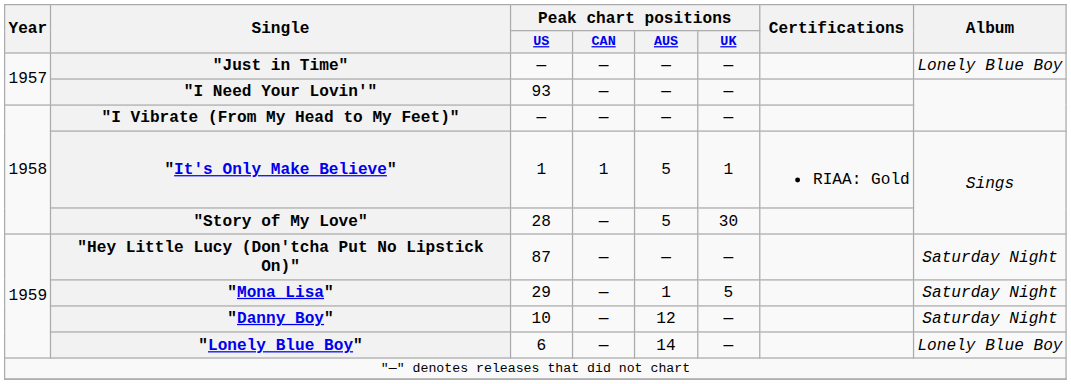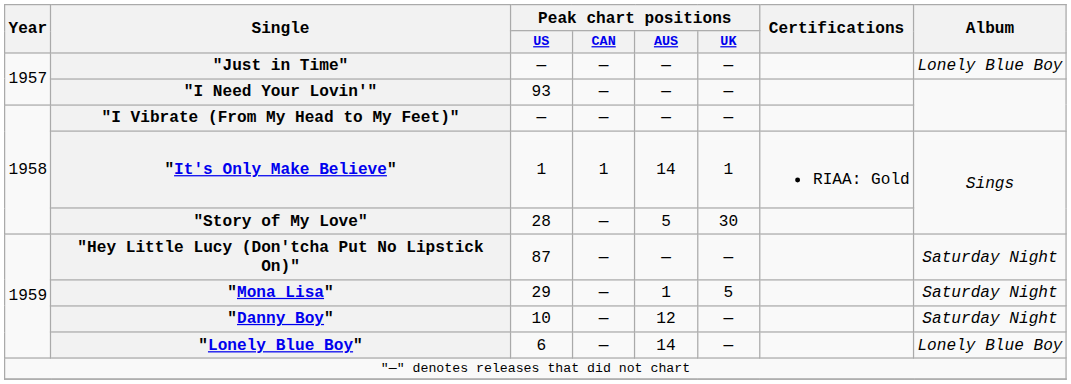 <table class="wikitable plainrowheaders" style="text-align:center;">
 <tr>
 <th rowspan="2">Year</th>
 <th rowspan="2" style="width:28em;">Single</th>
 <th colspan="4">Peak chart positions</th>
 <th rowspan="2">Certifications</th>
 <th rowspan="2">Album</th>
 </tr>
 <tr style="font-size:smaller;">
 <th width="45"><a href='#'>US</a><br></th>
 <th width="45"><a href='#'>CAN</a></th>
 <th width="45"><a href='#'>AUS</a></th>
 <th width="45"><a href='#'>UK</a></th>
 </tr>
 <tr>
 <td rowspan="2">1957</td>
 <th scope="row">"Just in Time"</th>
 <td>—</td>
 <td>—</td>
 <td>—</td>
 <td>—</td>
 <td></td>
 <td><em>Lonely Blue Boy</em></td>
 </tr>
 <tr>
 <th scope="row">"I Need Your Lovin'"</th>
 <td>93</td>
 <td>—</td>
 <td>—</td>
 <td>—</td>
 <td></td>
 </tr>
 <tr>
 <td rowspan="3">1958</td>
 <th scope="row">"I Vibrate (From My Head to My Feet)"</th>
 <td>—</td>
 <td>—</td>
 <td>—</td>
 <td>—</td>
 <td></td>
 </tr>
 <tr>
 <th scope="row">"<a href='#'>It's Only Make Believe</a>"</th>
 <td>1</td>
 <td>1</td>
-<td>5</td>
+<td>14</td>
 <td>1</td>
 <td><br><ul><li>RIAA: Gold</li></ul></td>
 <td rowspan="2"><em>Sings</em></td>
 </tr>
 <tr>
 <th scope="row">"Story of My Love"</th>
 <td>28</td>
 <td>—</td>
 <td>5</td>
 <td>30</td>
 <td></td>
 </tr>
 <tr>
 <td rowspan="4">1959</td>
 <th scope="row">"Hey Little Lucy (Don'tcha Put No Lipstick On)"</th>
 <td>87</td>
 <td>—</td>
 <td>—</td>
 <td>—</td>
 <td></td>
 <td><em>Saturday Night</em></td>
 </tr>
 <tr>
 <th scope="row">"<a href='#'>Mona Lisa</a>"</th>
 <td>29</td>
 <td>—</td>
 <td>1</td>
 <td>5</td>
 <td></td>
 <td><em>Saturday Night</em></td>
 </tr>
 <tr>
 <th scope="row">"<a href='#'>Danny Boy</a>"</th>
 <td>10</td>
 <td>—</td>
 <td>12</td>
 <td>—</td>
 <td></td>
 <td><em>Saturday Night</em></td>
 </tr>
 <tr>
 <th scope="row">"<a href='#'>Lonely Blue Boy</a>"</th>
 <td>6</td>
 <td>—</td>
 <td>14</td>
 <td>—</td>
 <td></td>
 <td><em>Lonely Blue Boy</em></td>
 </tr>
 <tr>
 <td colspan="8" style="font-size:8pt">"—" denotes releases that did not chart</td>
 </tr>
 <tr>
 </tr>
 </table>
